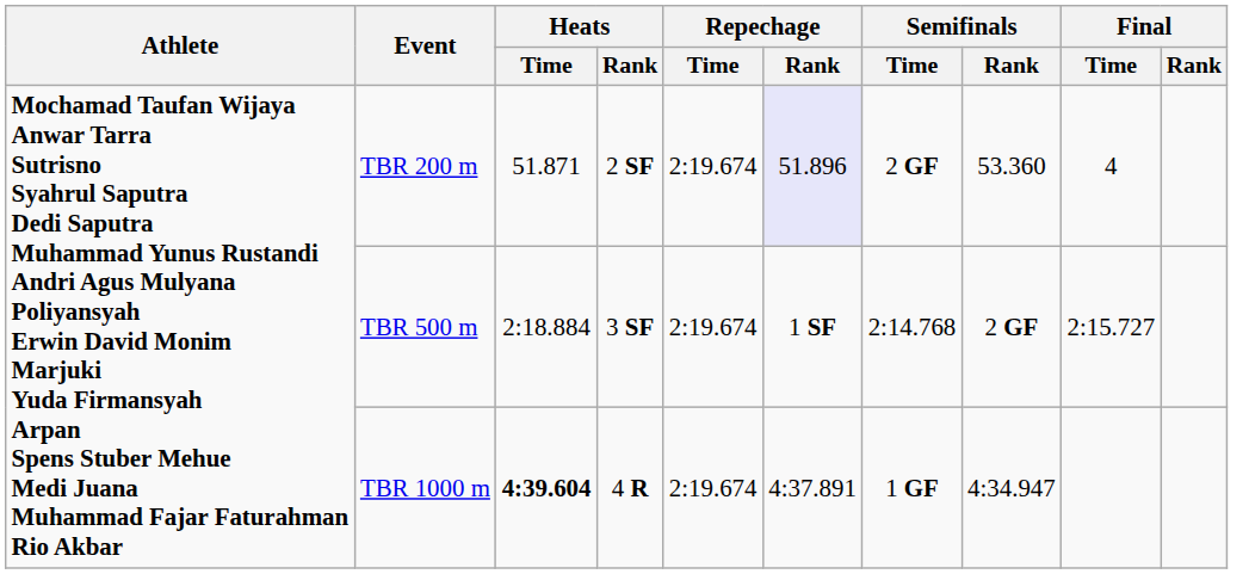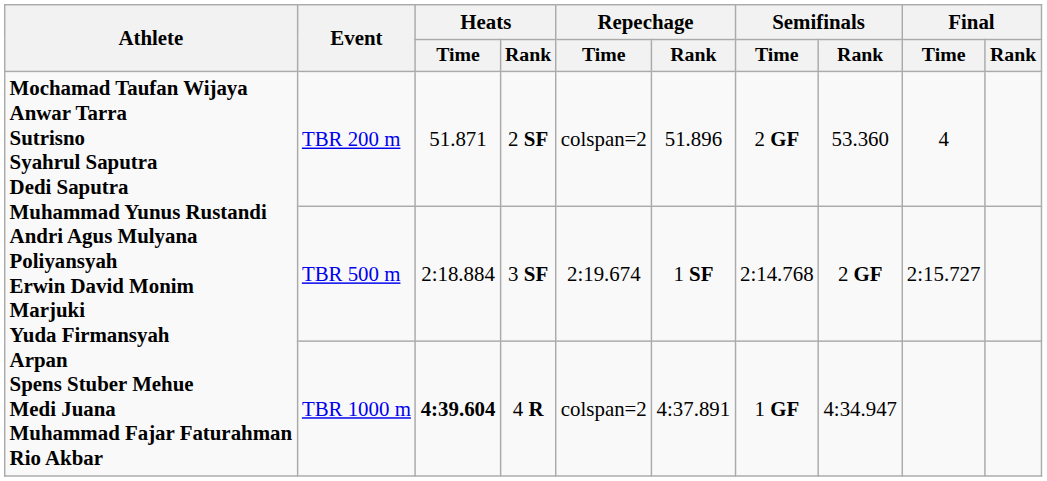 <table class="wikitable" style="text-align:center; font-size:90%">
 <tr>
 <th rowspan="2">Athlete</th>
 <th rowspan="2">Event</th>
 <th colspan="2">Heats</th>
 <th colspan="2">Repechage</th>
 <th colspan="2">Semifinals</th>
 <th colspan="2">Final</th>
 </tr>
 <tr style=font-size:95%>
 <th>Time</th>
 <th>Rank</th>
 <th>Time</th>
 <th>Rank</th>
 <th>Time</th>
 <th>Rank</th>
 <th>Time</th>
 <th>Rank</th>
 </tr>
 <tr>
 <td align=left rowspan=3><strong>Mochamad Taufan Wijaya<br>Anwar Tarra<br>Sutrisno<br>Syahrul Saputra<br>Dedi Saputra<br>Muhammad Yunus Rustandi<br>Andri Agus Mulyana<br>Poliyansyah<br>Erwin David Monim<br>Marjuki<br>Yuda Firmansyah<br>Arpan<br>Spens Stuber Mehue<br>Medi Juana<br>Muhammad Fajar Faturahman<br>Rio Akbar</strong></td>
 <td align=left><a href='#'>TBR 200 m</a></td>
 <td>51.871</td>
 <td>2 <strong>SF</strong></td>
-<td>2:19.674</td>
-<td style="background: lavender;">51.896</td>
+<td>colspan=2 </td>
+<td>51.896</td>
 <td>2 <strong>GF</strong></td>
 <td>53.360</td>
 <td>4</td>
 </tr>
 <tr>
 <td align=left><a href='#'>TBR 500 m</a></td>
 <td>2:18.884</td>
 <td>3 <strong>SF</strong></td>
 <td>2:19.674</td>
 <td>1 <strong>SF</strong></td>
 <td>2:14.768</td>
 <td>2 <strong>GF</strong></td>
 <td>2:15.727</td>
 <td></td>
 </tr>
 <tr>
 <td align=left><a href='#'>TBR 1000 m</a></td>
 <td><strong>4:39.604</strong></td>
 <td>4 <strong>R</strong></td>
-<td>2:19.674</td>
+<td>colspan=2 </td>
 <td>4:37.891</td>
 <td>1 <strong>GF</strong></td>
 <td>4:34.947</td>
 <td></td>
 </tr>
 </table>
